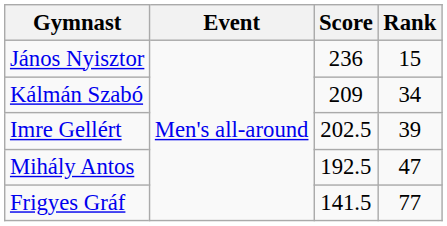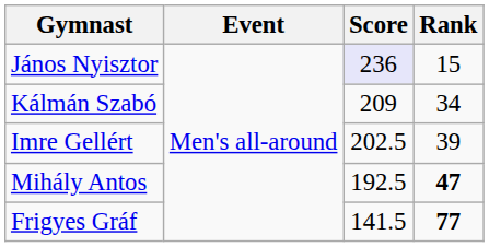 <table class=wikitable>
 <tr>
 <th>Gymnast</th>
 <th>Event</th>
 <th>Score</th>
 <th>Rank</th>
 </tr>
 <tr align=center>
 <td align=left><a href='#'>János Nyisztor</a></td>
 <td rowspan=5 align=left><a href='#'>Men's all-around</a></td>
-<td>236</td>
+<td style="background: lavender;">236</td>
 <td>15</td>
 </tr>
 <tr align=center>
 <td align=left><a href='#'>Kálmán Szabó</a></td>
 <td>209</td>
 <td>34</td>
 </tr>
 <tr align=center>
 <td align=left><a href='#'>Imre Gellért</a></td>
 <td>202.5</td>
 <td>39</td>
 </tr>
 <tr align=center>
 <td align=left><a href='#'>Mihály Antos</a></td>
 <td>192.5</td>
-<td>47</td>
+<td><strong>47</strong></td>
 </tr>
 <tr align=center>
 <td align=left><a href='#'>Frigyes Gráf</a></td>
 <td>141.5</td>
-<td>77</td>
+<td><strong>77</strong></td>
 </tr>
 </table>
